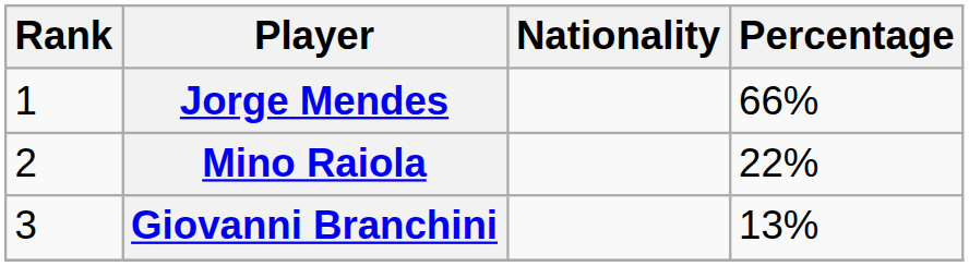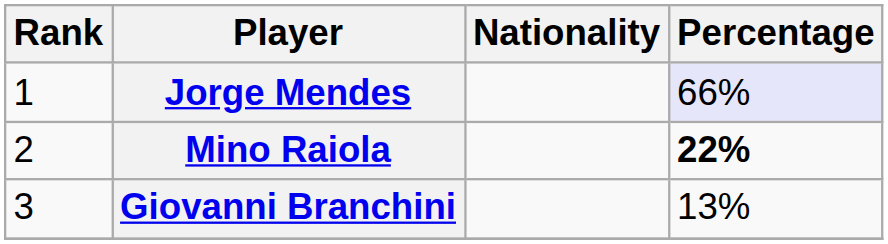 <table class="wikitable sortable">
 <tr>
 <th scope=col>Rank</th>
 <th scope=col>Player</th>
 <th scope=col>Nationality</th>
 <th scope=col>Percentage</th>
 </tr>
 <tr>
 <td>1</td>
 <th scope=row><a href='#'>Jorge Mendes</a></th>
 <td></td>
-<td>66%</td>
+<td style="background: lavender;">66%</td>
 </tr>
 <tr>
 <td>2</td>
 <th scope=row><a href='#'>Mino Raiola</a></th>
 <td></td>
-<td>22%</td>
+<td><strong>22%</strong></td>
 </tr>
 <tr>
 <td>3</td>
 <th scope=row><a href='#'>Giovanni Branchini</a></th>
 <td></td>
 <td>13%</td>
 </tr>
 <tr>
 </tr>
 </table>
